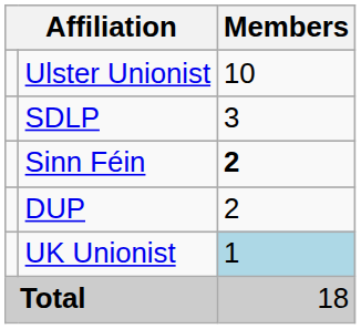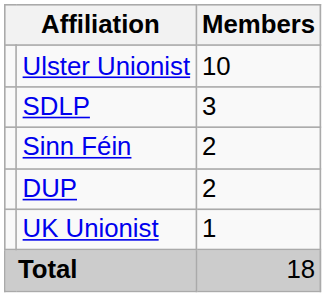 <table class="wikitable">
 <tr>
 <th colspan="2">Affiliation</th>
 <th>Members</th>
 </tr>
 <tr>
 <td></td>
 <td><a href='#'>Ulster Unionist</a></td>
 <td>10</td>
 </tr>
 <tr>
 <td></td>
 <td><a href='#'>SDLP</a></td>
 <td>3</td>
 </tr>
 <tr>
 <td></td>
 <td><a href='#'>Sinn Féin</a></td>
-<td><strong>2</strong></td>
+<td>2</td>
 </tr>
 <tr>
 <td></td>
 <td><a href='#'>DUP</a></td>
 <td>2</td>
 </tr>
 <tr>
 <td></td>
 <td><a href='#'>UK Unionist</a></td>
-<td style="background: lightblue;">1</td>
+<td>1</td>
 </tr>
 <tr bgcolor="CCCCCC">
 <td colspan="2" rowspan="1"> <strong>Total</strong></td>
 <td align="right">18</td>
 </tr>
 </table>
